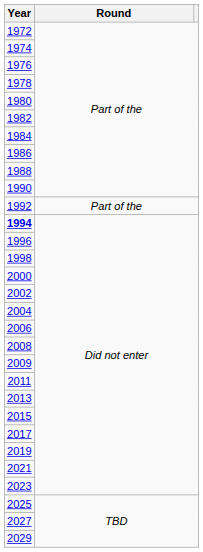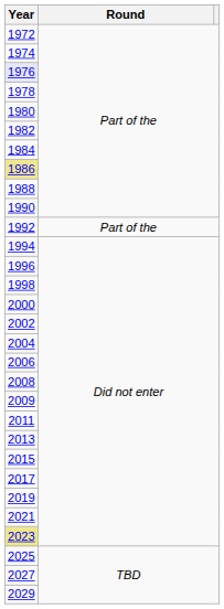 <table class="wikitable" style="text-align: center; font-size:90%">
 <tr>
 <th>Year</th>
 <th style="width:200px">Round</th>
 <th></th>
 </tr>
 <tr>
 <td><a href='#'>1972</a></td>
 <td colspan="2" rowspan="10"><em>Part of the </em></td>
 </tr>
 <tr>
 <td><a href='#'>1974</a></td>
 </tr>
 <tr>
-<td><a href='#'>1976</a></td>
+<td style="background: lavender;"><a href='#'>1976</a></td>
 </tr>
 <tr>
 <td><a href='#'>1978</a></td>
 </tr>
 <tr>
 <td><a href='#'>1980</a></td>
 </tr>
 <tr>
 <td><a href='#'>1982</a></td>
 </tr>
 <tr>
 <td><a href='#'>1984</a></td>
 </tr>
 <tr>
-<td><a href='#'>1986</a></td>
+<td style="background: khaki;"><a href='#'>1986</a></td>
 </tr>
 <tr>
 <td><a href='#'>1988</a></td>
 </tr>
 <tr>
 <td><a href='#'>1990</a></td>
 </tr>
 <tr>
 <td><a href='#'>1992</a></td>
 <td colspan="2"><em>Part of the </em></td>
 </tr>
 <tr>
-<td><strong><a href='#'>1994</a></strong></td>
+<td><a href='#'>1994</a></td>
 <td colspan="2" rowspan="16"><em>Did not enter</em></td>
 </tr>
 <tr>
 <td><a href='#'>1996</a></td>
 </tr>
 <tr>
 <td><a href='#'>1998</a></td>
 </tr>
 <tr>
 <td><a href='#'>2000</a></td>
 </tr>
 <tr>
 <td><a href='#'>2002</a></td>
 </tr>
 <tr>
 <td><a href='#'>2004</a></td>
 </tr>
 <tr>
 <td><a href='#'>2006</a></td>
 </tr>
 <tr>
 <td><a href='#'>2008</a></td>
 </tr>
 <tr>
 <td><a href='#'>2009</a></td>
 </tr>
 <tr>
 <td><a href='#'>2011</a></td>
 </tr>
 <tr>
 <td><a href='#'>2013</a></td>
 </tr>
 <tr>
 <td><a href='#'>2015</a></td>
 </tr>
 <tr>
 <td><a href='#'>2017</a></td>
 </tr>
 <tr>
 <td><a href='#'>2019</a></td>
 </tr>
 <tr>
 <td><a href='#'>2021</a></td>
 </tr>
 <tr>
-<td><a href='#'>2023</a></td>
+<td style="background: khaki;"><a href='#'>2023</a></td>
 </tr>
 <tr>
 <td><a href='#'>2025</a></td>
 <td colspan="2" rowspan="3"><em>TBD</em></td>
 </tr>
 <tr>
 <td><a href='#'>2027</a></td>
 </tr>
 <tr>
 <td><a href='#'>2029</a></td>
 </tr>
 </table>
